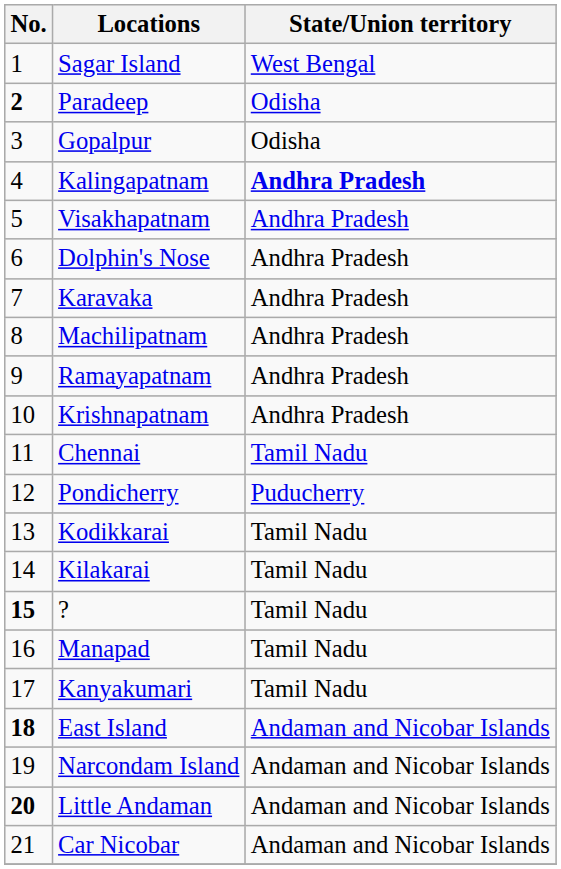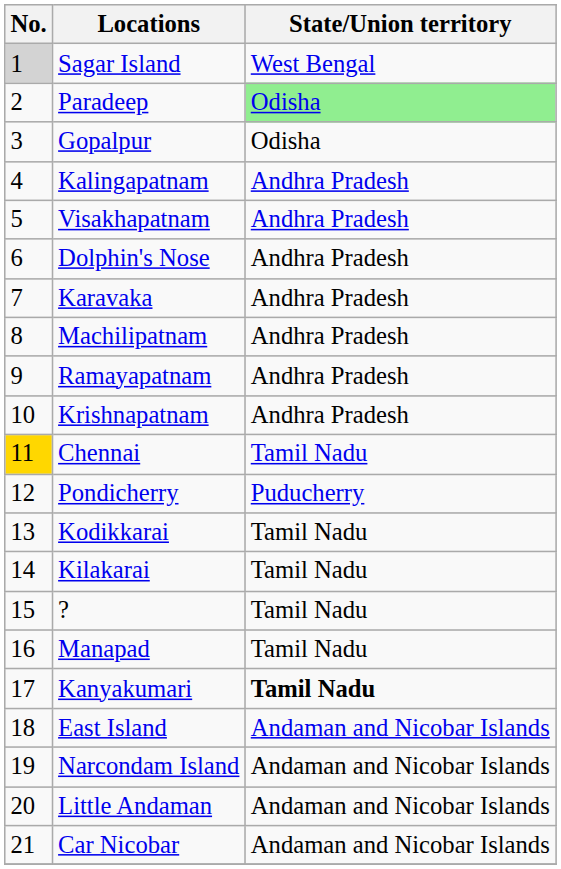 <table class="wikitable">
 <tr>
 <th>No.</th>
 <th>Locations</th>
 <th>State/Union territory</th>
 </tr>
 <tr>
-<td>1</td>
+<td style="background: lightgrey;">1</td>
 <td><a href='#'>Sagar Island</a></td>
 <td><a href='#'>West Bengal</a></td>
 </tr>
 <tr>
-<td><strong>2</strong></td>
+<td>2</td>
 <td><a href='#'>Paradeep</a></td>
-<td><a href='#'>Odisha</a></td>
+<td style="background: lightgreen;"><a href='#'>Odisha</a></td>
 </tr>
 <tr>
 <td>3</td>
 <td><a href='#'>Gopalpur</a></td>
 <td>Odisha</td>
 </tr>
 <tr>
 <td>4</td>
 <td><a href='#'>Kalingapatnam</a></td>
-<td><strong><a href='#'>Andhra Pradesh</a></strong></td>
+<td><a href='#'>Andhra Pradesh</a></td>
 </tr>
 <tr>
 <td>5</td>
 <td><a href='#'>Visakhapatnam</a></td>
 <td><a href='#'>Andhra Pradesh</a></td>
 </tr>
 <tr>
 <td>6</td>
 <td><a href='#'>Dolphin's Nose</a></td>
 <td>Andhra Pradesh</td>
 </tr>
 <tr>
 <td>7</td>
 <td><a href='#'>Karavaka</a></td>
 <td>Andhra Pradesh</td>
 </tr>
 <tr>
 <td>8</td>
 <td><a href='#'>Machilipatnam</a></td>
 <td>Andhra Pradesh</td>
 </tr>
 <tr>
 <td>9</td>
 <td><a href='#'>Ramayapatnam</a></td>
 <td>Andhra Pradesh</td>
 </tr>
 <tr>
 <td>10</td>
 <td><a href='#'>Krishnapatnam</a></td>
 <td>Andhra Pradesh</td>
 </tr>
 <tr>
-<td>11</td>
+<td style="background: gold;">11</td>
 <td><a href='#'>Chennai</a></td>
 <td><a href='#'>Tamil Nadu</a></td>
 </tr>
 <tr>
 <td>12</td>
 <td><a href='#'>Pondicherry</a></td>
 <td><a href='#'>Puducherry</a></td>
 </tr>
 <tr>
 <td>13</td>
 <td><a href='#'>Kodikkarai</a></td>
 <td>Tamil Nadu</td>
 </tr>
 <tr>
 <td>14</td>
 <td><a href='#'>Kilakarai</a></td>
 <td>Tamil Nadu</td>
 </tr>
 <tr>
-<td><strong>15</strong></td>
+<td>15</td>
 <td>?</td>
 <td>Tamil Nadu</td>
 </tr>
 <tr>
 <td>16</td>
 <td><a href='#'>Manapad</a></td>
 <td>Tamil Nadu</td>
 </tr>
 <tr>
 <td>17</td>
 <td><a href='#'>Kanyakumari</a></td>
-<td>Tamil Nadu</td>
+<td><strong>Tamil Nadu</strong></td>
 </tr>
 <tr>
-<td><strong>18</strong></td>
+<td>18</td>
 <td><a href='#'>East Island</a></td>
 <td><a href='#'>Andaman and Nicobar Islands</a></td>
 </tr>
 <tr>
 <td>19</td>
 <td><a href='#'>Narcondam Island</a></td>
 <td>Andaman and Nicobar Islands</td>
 </tr>
 <tr>
-<td><strong>20</strong></td>
+<td>20</td>
 <td><a href='#'>Little Andaman</a></td>
 <td>Andaman and Nicobar Islands</td>
 </tr>
 <tr>
 <td>21</td>
 <td><a href='#'>Car Nicobar</a></td>
 <td>Andaman and Nicobar Islands</td>
 </tr>
 <tr>
 </tr>
 </table>
